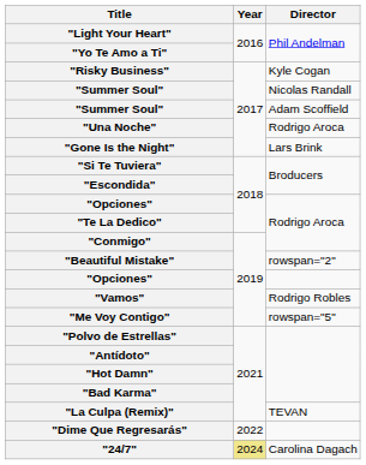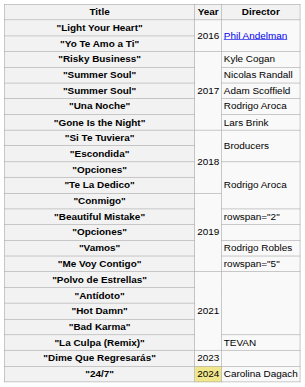 <table class="wikitable plainrowheaders">
 <tr>
 <th width="300" scope="col">Title</th>
 <th scope="col">Year</th>
 <th scope="col">Director</th>
 </tr>
 <tr>
 <th scope="row">"Light Your Heart"</th>
 <td rowspan="2">2016</td>
 <td rowspan="2"><a href='#'>Phil Andelman</a></td>
 </tr>
 <tr>
 <th scope="row">"Yo Te Amo a Ti"<br></th>
 </tr>
 <tr>
 <th scope="row">"Risky Business"</th>
 <td rowspan="5">2017</td>
 <td>Kyle Cogan</td>
 </tr>
 <tr>
 <th scope="row">"Summer Soul"</th>
 <td>Nicolas Randall</td>
 </tr>
 <tr>
 <th scope="row">"Summer Soul" </th>
 <td>Adam Scoffield</td>
 </tr>
 <tr>
 <th scope="row">"Una Noche"<br></th>
 <td>Rodrigo Aroca</td>
 </tr>
 <tr>
 <th scope="row">"Gone Is the Night"<br></th>
 <td>Lars Brink</td>
 </tr>
 <tr>
 <th scope="row">"Si Te Tuviera"</th>
 <td rowspan="4">2018</td>
 <td rowspan="2">Broducers</td>
 </tr>
 <tr>
 <th scope="row">"Escondida"</th>
 </tr>
 <tr>
 <th scope="row">"Opciones"</th>
 <td rowspan="3">Rodrigo Aroca</td>
 </tr>
 <tr>
 <th scope="row">"Te La Dedico"</th>
 </tr>
 <tr>
 <th scope="row">"Conmigo"</th>
 <td rowspan="5">2019</td>
 </tr>
 <tr>
 <th scope="row">"Beautiful Mistake" </th>
 <td>rowspan="2" </td>
 </tr>
 <tr>
 <th scope="row">"Opciones" </th>
 </tr>
 <tr>
 <th scope="row">"Vamos"</th>
 <td>Rodrigo Robles</td>
 </tr>
 <tr>
 <th scope="row">"Me Voy Contigo"</th>
 <td>rowspan="5" </td>
 </tr>
 <tr>
 <th scope="row">"Polvo de Estrellas" <br></th>
 <td rowspan="5">2021</td>
 </tr>
 <tr>
 <th scope="row">"Antídoto"<br></th>
 </tr>
 <tr>
 <th scope="row">"Hot Damn" </th>
 </tr>
 <tr>
 <th scope="row">"Bad Karma" </th>
 </tr>
 <tr>
 <th scope="row">"La Culpa (Remix)"<br></th>
 <td>TEVAN</td>
 </tr>
 <tr>
 <th scope="row">"Dime Que Regresarás"<br></th>
-<td>2022</td>
+<td>2023</td>
 <td></td>
 </tr>
 <tr>
 <th scope="row">"24/7"<br></th>
 <td style="background: khaki;">2024</td>
 <td>Carolina Dagach</td>
 </tr>
 </table>
